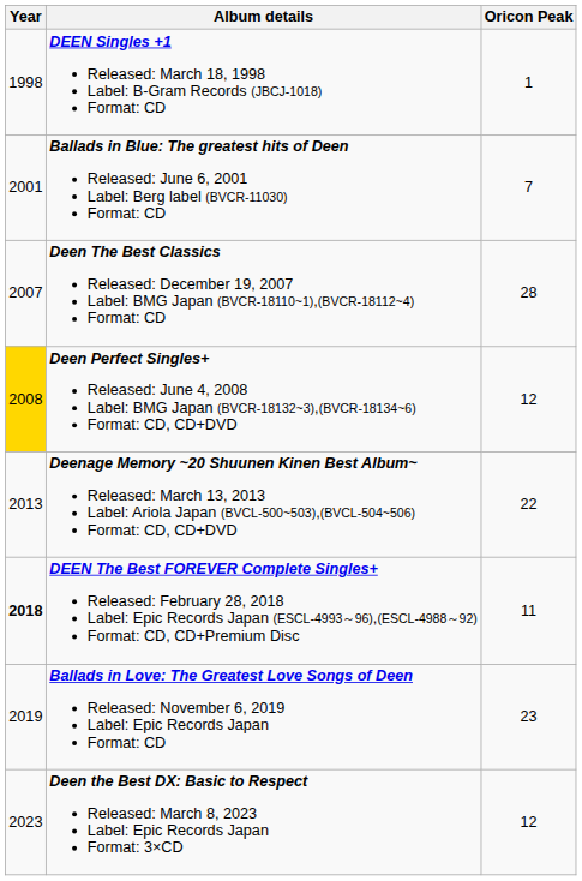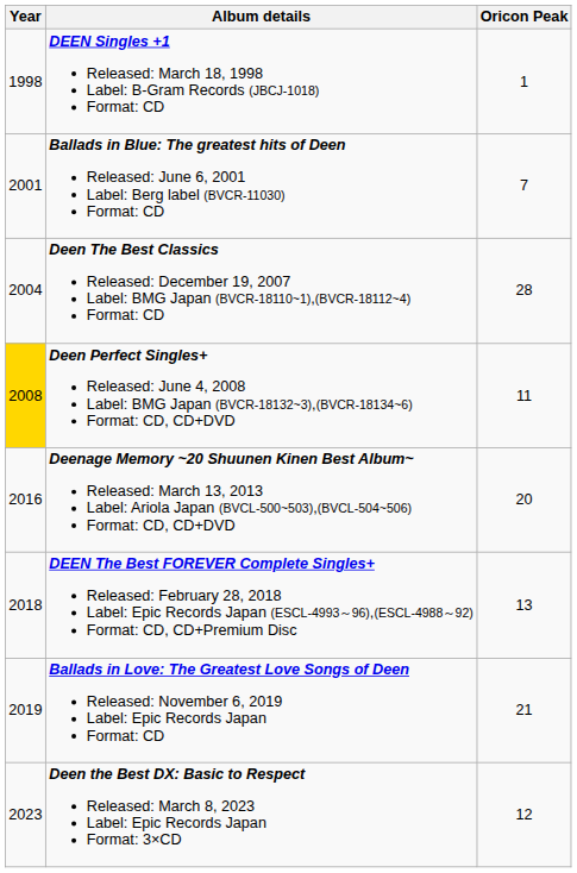 <table class="wikitable">
 <tr>
 <th>Year</th>
 <th>Album details</th>
 <th>Oricon Peak</th>
 </tr>
 <tr>
 <td>1998</td>
 <td><strong><em><a href='#'>DEEN Singles +1</a></em></strong><br><ul><li>Released: March 18, 1998</li><li>Label: B-Gram Records <small>(JBCJ-1018)</small></li><li>Format: CD</li></ul></td>
 <td align="center">1</td>
 </tr>
 <tr>
 <td>2001</td>
 <td><strong><em>Ballads in Blue: The greatest hits of Deen</em></strong><br><ul><li>Released: June 6, 2001</li><li>Label: Berg label <small>(BVCR-11030)</small></li><li>Format: CD</li></ul></td>
 <td align="center">7</td>
 </tr>
 <tr>
-<td>2007</td>
+<td>2004</td>
 <td><strong><em>Deen The Best Classics</em></strong><br><ul><li>Released: December 19, 2007</li><li>Label: BMG Japan <small>(BVCR-18110~1)</small>,<small>(BVCR-18112~4)</small></li><li>Format: CD</li></ul></td>
 <td align="center">28</td>
 </tr>
 <tr>
 <td style="background: gold;">2008</td>
 <td><strong><em>Deen Perfect Singles+</em></strong><br><ul><li>Released: June 4, 2008</li><li>Label: BMG Japan <small>(BVCR-18132~3)</small>,<small>(BVCR-18134~6)</small></li><li>Format: CD, CD+DVD</li></ul></td>
-<td align="center">12</td>
+<td align="center">11</td>
 </tr>
 <tr>
-<td>2013</td>
+<td>2016</td>
 <td><strong><em>Deenage Memory ~20 Shuunen Kinen Best Album~</em></strong><br><ul><li>Released: March 13, 2013</li><li>Label: Ariola Japan <small>(BVCL-500~503)</small>,<small>(BVCL-504~506)</small></li><li>Format: CD, CD+DVD</li></ul></td>
-<td align="center">22</td>
+<td align="center">20</td>
 </tr>
 <tr>
-<td><strong>2018</strong></td>
+<td>2018</td>
 <td><strong><em><a href='#'>DEEN The Best FOREVER Complete Singles+</a></em></strong><br><ul><li>Released: February 28, 2018</li><li>Label: Epic Records Japan <small>(ESCL-4993～96)</small>,<small>(ESCL-4988～92)</small></li><li>Format: CD, CD+Premium Disc</li></ul></td>
-<td align="center">11</td>
+<td align="center">13</td>
 </tr>
 <tr>
 <td>2019</td>
 <td><strong><em><a href='#'>Ballads in Love: The Greatest Love Songs of Deen</a></em></strong><br><ul><li>Released: November 6, 2019</li><li>Label: Epic Records Japan</li><li>Format: CD</li></ul></td>
-<td align="center">23<br></td>
+<td align="center">21<br></td>
 </tr>
 <tr>
 <td>2023</td>
 <td><strong><em>Deen the Best DX: Basic to Respect</em></strong><br><ul><li>Released: March 8, 2023</li><li>Label: Epic Records Japan</li><li>Format: 3×CD</li></ul></td>
 <td align="center">12<br></td>
 </tr>
 </table>
